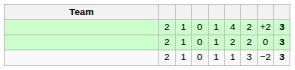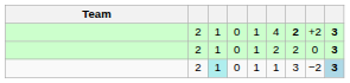 <table class=wikitable style="text-align:center">
 <tr>
 <th width=250>Team</th>
 <th width="20"></th>
 <th width="20"></th>
 <th width="20"></th>
 <th width="20"></th>
 <th width="20"></th>
 <th width="20"></th>
 <th width="20"></th>
 <th width="20"></th>
 </tr>
 <tr bgcolor=ccffcc>
 <td align="left"></td>
 <td>2</td>
 <td>1</td>
 <td>0</td>
 <td>1</td>
 <td>4</td>
-<td>2</td>
+<td><strong>2</strong></td>
 <td>+2</td>
 <td><strong>3</strong></td>
 </tr>
 <tr bgcolor=ccffcc>
 <td align="left"></td>
 <td>2</td>
 <td>1</td>
 <td>0</td>
 <td>1</td>
 <td>2</td>
 <td>2</td>
 <td>0</td>
 <td><strong>3</strong></td>
 </tr>
 <tr>
 <td align="left"></td>
 <td>2</td>
-<td>1</td>
+<td style="background: paleturquoise;">1</td>
 <td>0</td>
 <td>1</td>
 <td>1</td>
 <td>3</td>
 <td>−2</td>
-<td><strong>3</strong></td>
+<td style="background: lightblue;"><strong>3</strong></td>
 </tr>
 </table>
